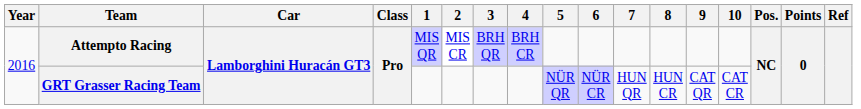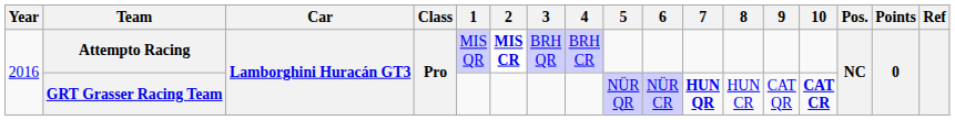 <table class="wikitable" border="1" style="text-align:center; font-size:85%;">
 <tr>
 <th>Year</th>
 <th>Team</th>
 <th>Car</th>
 <th>Class</th>
 <th>1</th>
 <th>2</th>
 <th>3</th>
 <th>4</th>
 <th>5</th>
 <th>6</th>
 <th>7</th>
 <th>8</th>
 <th>9</th>
 <th>10</th>
 <th>Pos.</th>
 <th>Points</th>
 <th>Ref</th>
 </tr>
 <tr>
 <td rowspan=2><a href='#'>2016</a></td>
 <th nowrap>Attempto Racing</th>
 <th rowspan=2 nowrap><a href='#'>Lamborghini Huracán GT3</a></th>
 <th rowspan=2>Pro</th>
 <td style="background:#CFCFFF;"><a href='#'>MIS<br>QR</a><br></td>
-<td style="background:#FFFFFF;"><a href='#'>MIS<br>CR</a><br></td>
+<td style="background:#FFFFFF;"><strong><a href='#'>MIS<br>CR</a><br></strong></td>
 <td style="background:#CFCFFF;"><a href='#'>BRH<br>QR</a><br></td>
 <td style="background:#CFCFFF;"><a href='#'>BRH<br>CR</a><br></td>
 <td></td>
 <td></td>
 <td></td>
 <td></td>
 <td></td>
 <td></td>
 <th rowspan=2>NC</th>
 <th rowspan=2>0</th>
 <th rowspan=2></th>
 </tr>
 <tr>
 <th nowrap><a href='#'>GRT Grasser Racing Team</a></th>
 <td></td>
 <td></td>
 <td></td>
 <td></td>
 <td style="background:#CFCFFF;"><a href='#'>NÜR<br>QR</a><br></td>
 <td style="background:#CFCFFF;"><a href='#'>NÜR<br>CR</a><br></td>
-<td><a href='#'>HUN<br>QR</a></td>
+<td><strong><a href='#'>HUN<br>QR</a></strong></td>
 <td><a href='#'>HUN<br>CR</a></td>
 <td><a href='#'>CAT<br>QR</a></td>
-<td><a href='#'>CAT<br>CR</a></td>
+<td><strong><a href='#'>CAT<br>CR</a></strong></td>
 </tr>
 </table>
